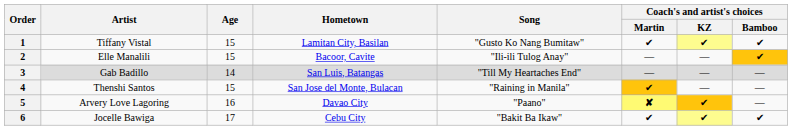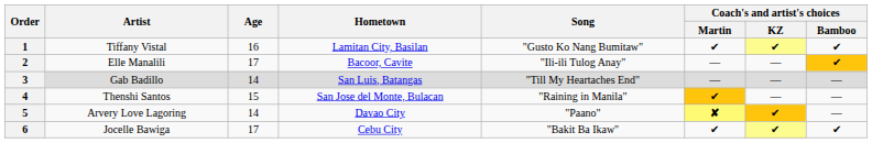 <table class="wikitable" style="text-align:center; line-height:17px; width:100%">
 <tr>
 <th rowspan="2" scope="col" style="width:04%">Order</th>
 <th rowspan="2" scope="col" style="width:18%">Artist</th>
 <th rowspan="2" scope="col" style="width:05%">Age</th>
 <th rowspan="2" scope="col" style="width:20%">Hometown</th>
 <th rowspan="2" scope="col" style="width:20%">Song</th>
 <th colspan="3">Coach's and artist's choices</th>
 </tr>
 <tr>
 <th style="width:06%">Martin</th>
 <th style="width:06%">KZ</th>
 <th style="width:06%">Bamboo</th>
 </tr>
 <tr>
 <th>1</th>
 <td>Tiffany Vistal</td>
-<td>15</td>
+<td>16</td>
 <td><a href='#'>Lamitan City, Basilan</a></td>
 <td>"Gusto Ko Nang Bumitaw"</td>
 <td>✔</td>
 <td style="background:#fdfc8f;">✔</td>
 <td>✔</td>
 </tr>
 <tr>
 <th>2</th>
 <td>Elle Manalili</td>
-<td>15</td>
+<td>17</td>
 <td><a href='#'>Bacoor, Cavite</a></td>
 <td>"Ili-ili Tulog Anay"</td>
 <td>—</td>
 <td>—</td>
 <td style="background:#FFC40C;">✔</td>
 </tr>
 <tr style="background:#DCDCDC; " |>
 <th>3</th>
 <td>Gab Badillo</td>
 <td>14</td>
 <td><a href='#'>San Luis, Batangas</a></td>
 <td>"Till My Heartaches End"</td>
 <td>—</td>
 <td>—</td>
 <td>—</td>
 </tr>
 <tr>
 <th>4</th>
 <td>Thenshi Santos</td>
 <td>15</td>
 <td><a href='#'>San Jose del Monte, Bulacan</a></td>
 <td>"Raining in Manila"</td>
 <td style="background:#FFC40C;">✔</td>
 <td>—</td>
 <td>—</td>
 </tr>
 <tr>
 <th>5</th>
 <td>Arvery Love Lagoring</td>
-<td>16</td>
+<td>14</td>
 <td><a href='#'>Davao City</a></td>
 <td>"Paano"</td>
 <td style="background-color:#fffa73;"><strong>✘</strong></td>
 <td style="background:#FFC40C;">✔</td>
 <td>—</td>
 </tr>
 <tr>
 <th>6</th>
 <td>Jocelle Bawiga</td>
 <td>17</td>
 <td><a href='#'>Cebu City</a></td>
 <td>"Bakit Ba Ikaw"</td>
 <td>✔</td>
 <td style="background:#fdfc8f;">✔</td>
 <td>✔</td>
 </tr>
 </table>
